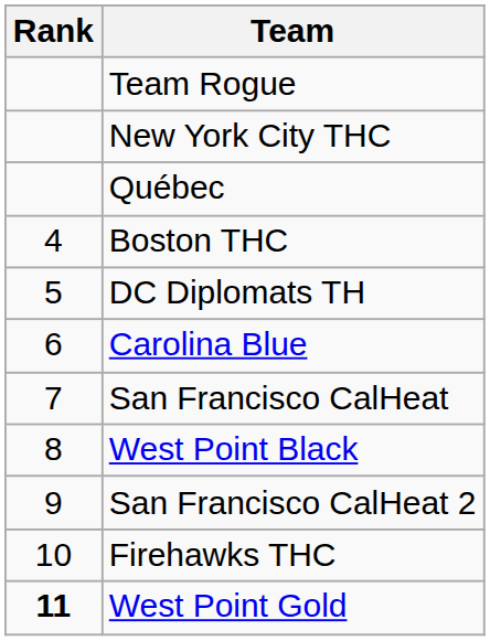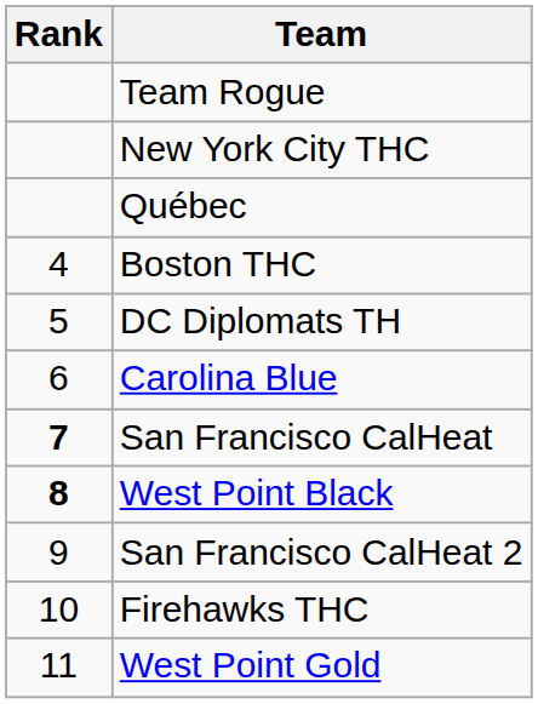 <table class="wikitable">
 <tr>
 <th>Rank</th>
 <th>Team</th>
 </tr>
 <tr>
 <td align=center></td>
 <td align="left">Team Rogue</td>
 </tr>
 <tr>
 <td align=center></td>
 <td align="left">New York City THC</td>
 </tr>
 <tr>
 <td align=center></td>
 <td align="left">Québec</td>
 </tr>
 <tr>
 <td align=center>4</td>
 <td align="left">Boston THC</td>
 </tr>
 <tr>
 <td align=center>5</td>
 <td align="left">DC Diplomats TH</td>
 </tr>
 <tr>
 <td align=center>6</td>
 <td align="left"><a href='#'>Carolina Blue</a></td>
 </tr>
 <tr>
-<td align=center>7</td>
+<td align=center><strong>7</strong></td>
 <td align="left">San Francisco CalHeat</td>
 </tr>
 <tr>
-<td align=center>8</td>
+<td align=center><strong>8</strong></td>
 <td align="left"><a href='#'>West Point Black</a></td>
 </tr>
 <tr>
 <td align=center>9</td>
 <td align="left">San Francisco CalHeat 2</td>
 </tr>
 <tr>
 <td align=center>10</td>
 <td align="left">Firehawks THC</td>
 </tr>
 <tr>
-<td align=center><strong>11</strong></td>
+<td align=center>11</td>
 <td align="left"><a href='#'>West Point Gold</a></td>
 </tr>
 </table>
